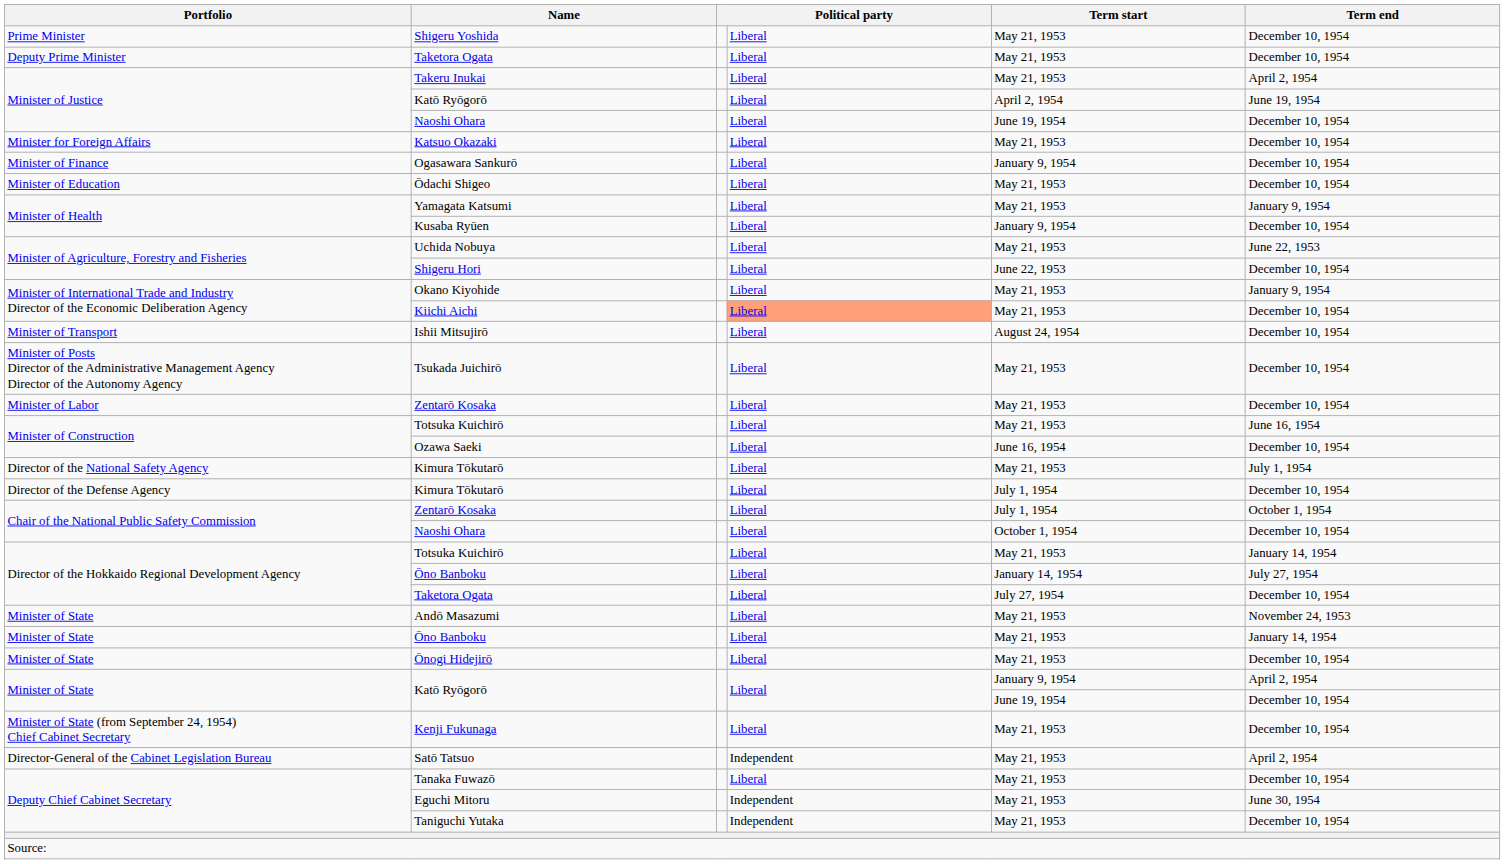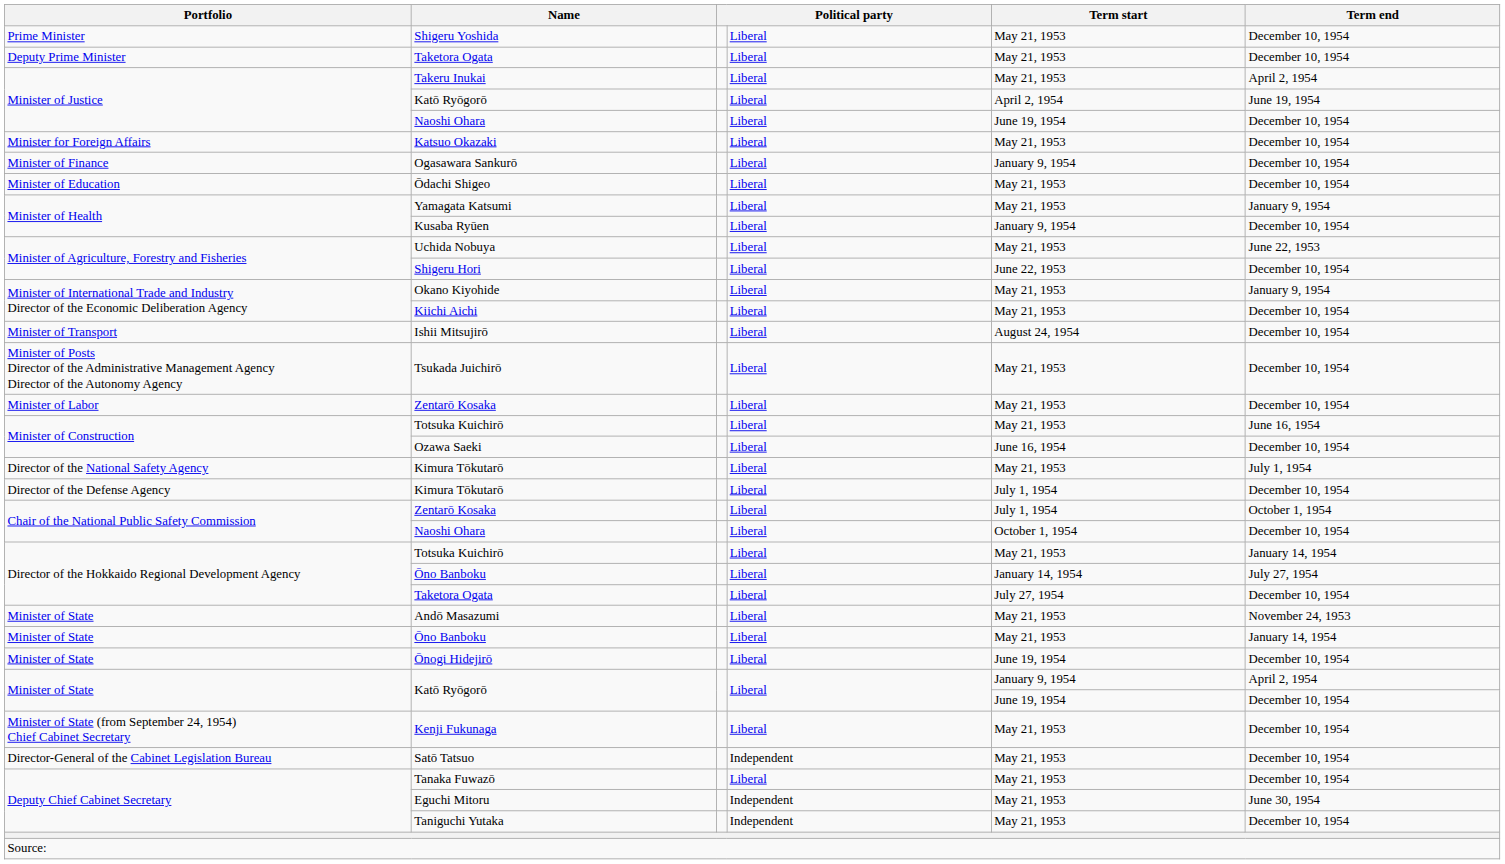 <table class="wikitable" style="font-size: 90%;">
 <tr>
 <th scope="col" width="20%">Portfolio</th>
 <th scope="col" width="15%">Name</th>
 <th colspan="2" scope="col" width="13.5%">Political party</th>
 <th scope="col" width="12.5%">Term start</th>
 <th scope="col" width="12.5%">Term end</th>
 </tr>
 <tr>
 <td style="text-align: left;"><a href='#'>Prime Minister</a></td>
 <td><a href='#'>Shigeru Yoshida</a></td>
 <td width="0.5%" style="background:"></td>
 <td><a href='#'>Liberal</a></td>
 <td>May 21, 1953</td>
 <td>December 10, 1954</td>
 </tr>
 <tr>
 <td><a href='#'>Deputy Prime Minister</a></td>
 <td><a href='#'>Taketora Ogata</a></td>
 <td style="color:inherit;background:"></td>
 <td><a href='#'>Liberal</a></td>
 <td>May 21, 1953</td>
 <td>December 10, 1954</td>
 </tr>
 <tr>
 <td rowspan="3"><a href='#'>Minister of Justice</a></td>
 <td><a href='#'>Takeru Inukai</a></td>
 <td style="color:inherit;background:"></td>
 <td><a href='#'>Liberal</a></td>
 <td>May 21, 1953</td>
 <td>April 2, 1954</td>
 </tr>
 <tr>
 <td>Katō Ryōgorō</td>
 <td style="color:inherit;background:"></td>
 <td><a href='#'>Liberal</a></td>
 <td>April 2, 1954</td>
 <td>June 19, 1954</td>
 </tr>
 <tr>
 <td><a href='#'>Naoshi Ohara</a></td>
 <td style="color:inherit;background:"></td>
 <td><a href='#'>Liberal</a></td>
 <td>June 19, 1954</td>
 <td>December 10, 1954</td>
 </tr>
 <tr>
 <td><a href='#'>Minister for Foreign Affairs</a></td>
 <td><a href='#'>Katsuo Okazaki</a></td>
 <td style="color:inherit;background:"></td>
 <td><a href='#'>Liberal</a></td>
 <td>May 21, 1953</td>
 <td>December 10, 1954</td>
 </tr>
 <tr>
 <td><a href='#'>Minister of Finance</a></td>
 <td>Ogasawara Sankurō</td>
 <td style="color:inherit;background:"></td>
 <td><a href='#'>Liberal</a></td>
 <td>January 9, 1954</td>
 <td>December 10, 1954</td>
 </tr>
 <tr>
 <td><a href='#'>Minister of Education</a></td>
 <td>Ōdachi Shigeo</td>
 <td style="color:inherit;background:"></td>
 <td><a href='#'>Liberal</a></td>
 <td>May 21, 1953</td>
 <td>December 10, 1954</td>
 </tr>
 <tr>
 <td rowspan="2"><a href='#'>Minister of Health</a></td>
 <td>Yamagata Katsumi</td>
 <td style="color:inherit;background:"></td>
 <td><a href='#'>Liberal</a></td>
 <td>May 21, 1953</td>
 <td>January 9, 1954</td>
 </tr>
 <tr>
 <td>Kusaba Ryūen</td>
 <td style="color:inherit;background:"></td>
 <td><a href='#'>Liberal</a></td>
 <td>January 9, 1954</td>
 <td>December 10, 1954</td>
 </tr>
 <tr>
 <td rowspan="2"><a href='#'>Minister of Agriculture, Forestry and Fisheries</a></td>
 <td>Uchida Nobuya</td>
 <td style="color:inherit;background:"></td>
 <td><a href='#'>Liberal</a></td>
 <td>May 21, 1953</td>
 <td>June 22, 1953</td>
 </tr>
 <tr>
 <td><a href='#'>Shigeru Hori</a></td>
 <td style="color:inherit;background:"></td>
 <td><a href='#'>Liberal</a></td>
 <td>June 22, 1953</td>
 <td>December 10, 1954</td>
 </tr>
 <tr>
 <td rowspan="2"><a href='#'>Minister of International Trade and Industry</a><br>Director of the Economic Deliberation Agency</td>
 <td>Okano Kiyohide</td>
 <td style="color:inherit;background:"></td>
 <td><a href='#'>Liberal</a></td>
 <td>May 21, 1953</td>
 <td>January 9, 1954</td>
 </tr>
 <tr>
 <td><a href='#'>Kiichi Aichi</a></td>
 <td style="color:inherit;background:"></td>
-<td style="background: lightsalmon;"><a href='#'>Liberal</a></td>
+<td><a href='#'>Liberal</a></td>
 <td>May 21, 1953</td>
 <td>December 10, 1954</td>
 </tr>
 <tr>
 <td><a href='#'>Minister of Transport</a></td>
 <td>Ishii Mitsujirō</td>
 <td style="color:inherit;background:"></td>
 <td><a href='#'>Liberal</a></td>
 <td>August 24, 1954</td>
 <td>December 10, 1954</td>
 </tr>
 <tr>
 <td><a href='#'>Minister of Posts</a><br>Director of the Administrative Management Agency<br>Director of the Autonomy Agency</td>
 <td>Tsukada Juichirō</td>
 <td style="color:inherit;background:"></td>
 <td><a href='#'>Liberal</a></td>
 <td>May 21, 1953</td>
 <td>December 10, 1954</td>
 </tr>
 <tr>
 <td><a href='#'>Minister of Labor</a></td>
 <td><a href='#'>Zentarō Kosaka</a></td>
 <td style="color:inherit;background:"></td>
 <td><a href='#'>Liberal</a></td>
 <td>May 21, 1953</td>
 <td>December 10, 1954</td>
 </tr>
 <tr>
 <td rowspan="2"><a href='#'>Minister of Construction</a></td>
 <td>Totsuka Kuichirō</td>
 <td style="color:inherit;background:"></td>
 <td><a href='#'>Liberal</a></td>
 <td>May 21, 1953</td>
 <td>June 16, 1954</td>
 </tr>
 <tr>
 <td>Ozawa Saeki</td>
 <td style="color:inherit;background:"></td>
 <td><a href='#'>Liberal</a></td>
 <td>June 16, 1954</td>
 <td>December 10, 1954</td>
 </tr>
 <tr>
 <td>Director of the <a href='#'>National Safety Agency</a></td>
 <td>Kimura Tōkutarō</td>
 <td style="color:inherit;background:"></td>
 <td><a href='#'>Liberal</a></td>
 <td>May 21, 1953</td>
 <td>July 1, 1954</td>
 </tr>
 <tr>
 <td>Director of the Defense Agency</td>
 <td>Kimura Tōkutarō</td>
 <td style="color:inherit;background:"></td>
 <td><a href='#'>Liberal</a></td>
 <td>July 1, 1954</td>
 <td>December 10, 1954</td>
 </tr>
 <tr>
 <td rowspan="2"><a href='#'>Chair of the National Public Safety Commission</a></td>
 <td><a href='#'>Zentarō Kosaka</a></td>
 <td style="color:inherit;background:"></td>
 <td><a href='#'>Liberal</a></td>
 <td>July 1, 1954</td>
 <td>October 1, 1954</td>
 </tr>
 <tr>
 <td><a href='#'>Naoshi Ohara</a></td>
 <td style="color:inherit;background:"></td>
 <td><a href='#'>Liberal</a></td>
 <td>October 1, 1954</td>
 <td>December 10, 1954</td>
 </tr>
 <tr>
 <td rowspan="3">Director of the Hokkaido Regional Development Agency</td>
 <td>Totsuka Kuichirō</td>
 <td style="color:inherit;background:"></td>
 <td><a href='#'>Liberal</a></td>
 <td>May 21, 1953</td>
 <td>January 14, 1954</td>
 </tr>
 <tr>
 <td><a href='#'>Ōno Banboku</a></td>
 <td style="color:inherit;background:"></td>
 <td><a href='#'>Liberal</a></td>
 <td>January 14, 1954</td>
 <td>July 27, 1954</td>
 </tr>
 <tr>
 <td><a href='#'>Taketora Ogata</a></td>
 <td style="color:inherit;background:"></td>
 <td><a href='#'>Liberal</a></td>
 <td>July 27, 1954</td>
 <td>December 10, 1954</td>
 </tr>
 <tr>
 <td><a href='#'>Minister of State</a></td>
 <td>Andō Masazumi</td>
 <td style="color:inherit;background:"></td>
 <td><a href='#'>Liberal</a></td>
 <td>May 21, 1953</td>
 <td>November 24, 1953</td>
 </tr>
 <tr>
 <td><a href='#'>Minister of State</a></td>
 <td><a href='#'>Ōno Banboku</a></td>
 <td style="color:inherit;background:"></td>
 <td><a href='#'>Liberal</a></td>
 <td>May 21, 1953</td>
 <td>January 14, 1954</td>
 </tr>
 <tr>
 <td><a href='#'>Minister of State</a></td>
 <td><a href='#'>Ōnogi Hidejirō</a></td>
 <td style="color:inherit;background:"></td>
 <td><a href='#'>Liberal</a></td>
-<td>May 21, 1953</td>
+<td>June 19, 1954</td>
 <td>December 10, 1954</td>
 </tr>
 <tr>
 <td rowspan="2"><a href='#'>Minister of State</a></td>
 <td rowspan="2">Katō Ryōgorō</td>
 <td rowspan="2" style="color:inherit;background:"></td>
 <td rowspan="2"><a href='#'>Liberal</a></td>
 <td>January 9, 1954</td>
 <td>April 2, 1954</td>
 </tr>
 <tr>
 <td>June 19, 1954</td>
 <td>December 10, 1954</td>
 </tr>
 <tr>
 <td><a href='#'>Minister of State</a> (from September 24, 1954)<br><a href='#'>Chief Cabinet Secretary</a></td>
 <td><a href='#'>Kenji Fukunaga</a></td>
 <td style="color:inherit;background:"></td>
 <td><a href='#'>Liberal</a></td>
 <td>May 21, 1953</td>
 <td>December 10, 1954</td>
 </tr>
 <tr>
 <td>Director-General of the <a href='#'>Cabinet Legislation Bureau</a></td>
 <td>Satō Tatsuo</td>
 <td style="color:inherit;background:"></td>
 <td>Independent</td>
 <td>May 21, 1953</td>
-<td>April 2, 1954</td>
+<td>December 10, 1954</td>
 </tr>
 <tr>
 <td rowspan="3"><a href='#'>Deputy Chief Cabinet Secretary</a></td>
 <td>Tanaka Fuwazō</td>
 <td style="color:inherit;background:"></td>
 <td><a href='#'>Liberal</a></td>
 <td>May 21, 1953</td>
 <td>December 10, 1954</td>
 </tr>
 <tr>
 <td>Eguchi Mitoru</td>
 <td style="color:inherit;background:"></td>
 <td>Independent</td>
 <td>May 21, 1953</td>
 <td>June 30, 1954</td>
 </tr>
 <tr>
 <td>Taniguchi Yutaka</td>
 <td style="color:inherit;background:"></td>
 <td>Independent</td>
 <td>May 21, 1953</td>
 <td>December 10, 1954</td>
 </tr>
 <tr>
 <th colspan="6"></th>
 </tr>
 <tr>
 <td colspan="6">Source:</td>
 </tr>
 </table>
